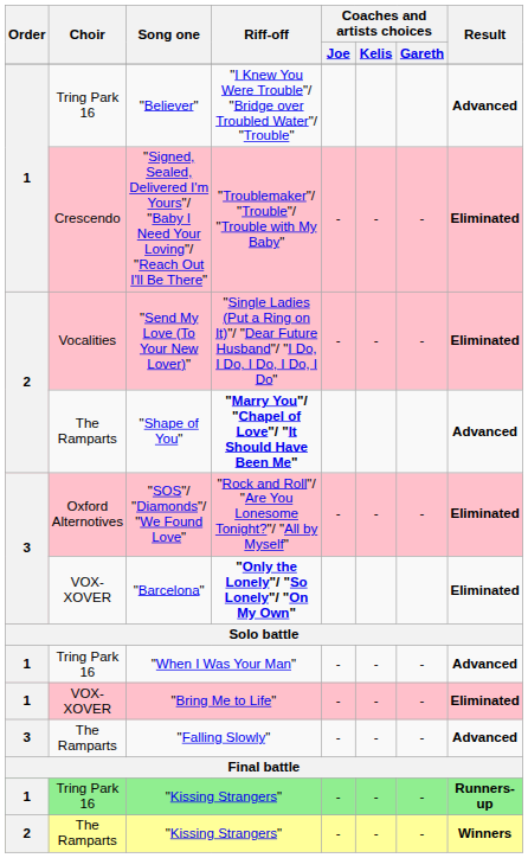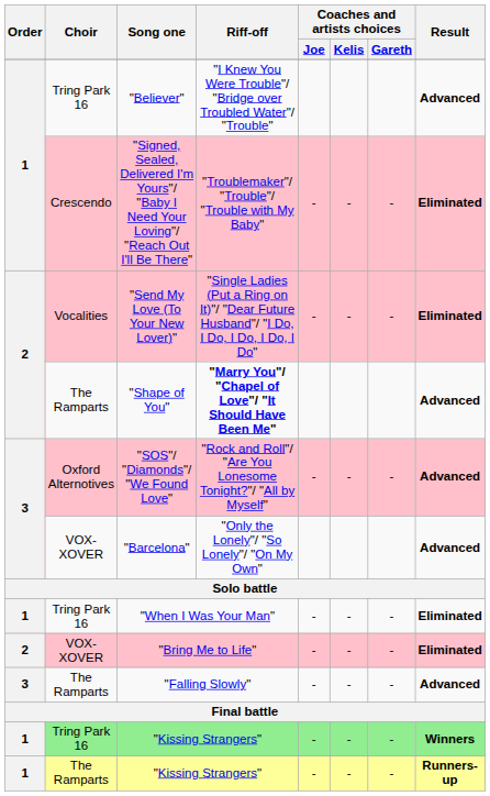 <table class="wikitable plainrowheaders" style="text-align:center;">
 <tr>
 <th scope="col" rowspan="2" style="width:05%;">Order</th>
 <th scope="col" rowspan="2" style="width:13%;">Choir</th>
 <th scope="col" rowspan="2" style="width:20%;">Song one</th>
 <th scope="col" rowspan="2" style="width:26%;">Riff-off</th>
 <th colspan="3" style="width:40%;">Coaches and artists choices</th>
 <th scope="col" rowspan="2" style="width:05%;">Result</th>
 </tr>
 <tr>
 <th style="width:10%;"><a href='#'>Joe</a></th>
 <th style="width:10%;"><a href='#'>Kelis</a></th>
 <th style="width:10%;"><a href='#'>Gareth</a></th>
 </tr>
 <tr>
 </tr>
 <tr>
 <th rowspan="2" scope="row">1</th>
 <td>Tring Park 16</td>
 <td>"<a href='#'>Believer</a>"</td>
 <td>"<a href='#'>I Knew You Were Trouble</a>"/ "<a href='#'>Bridge over Troubled Water</a>"/ "<a href='#'>Trouble</a>"</td>
 <td><strong></strong></td>
 <td><strong></strong></td>
 <td><strong></strong></td>
 <td><strong>Advanced</strong></td>
 </tr>
 <tr style="background:pink;">
 <td>Crescendo</td>
 <td>"<a href='#'>Signed, Sealed, Delivered I'm Yours</a>"/ "<a href='#'>Baby I Need Your Loving</a>"/ "<a href='#'>Reach Out I'll Be There</a>"</td>
 <td>"<a href='#'>Troublemaker</a>"/ "<a href='#'>Trouble</a>"/ "<a href='#'>Trouble with My Baby</a>"</td>
 <td>-</td>
 <td>-</td>
 <td>-</td>
 <td><strong>Eliminated</strong></td>
 </tr>
 <tr style="background:pink;">
 <th rowspan="2" scope="row">2</th>
 <td>Vocalities</td>
 <td>"<a href='#'>Send My Love (To Your New Lover)</a>"</td>
 <td>"<a href='#'>Single Ladies (Put a Ring on It)</a>"/ "<a href='#'>Dear Future Husband</a>"/ "<a href='#'>I Do, I Do, I Do, I Do, I Do</a>"</td>
 <td>-</td>
 <td>-</td>
 <td>-</td>
 <td><strong>Eliminated</strong></td>
 </tr>
 <tr>
 <td>The Ramparts</td>
 <td>"<a href='#'>Shape of You</a>"</td>
 <td><strong>"<a href='#'>Marry You</a>"/ "<a href='#'>Chapel of Love</a>"/ "<a href='#'>It Should Have Been Me</a>"</strong></td>
 <td><strong></strong></td>
 <td><strong></strong></td>
 <td><strong></strong></td>
 <td><strong>Advanced</strong></td>
 </tr>
 <tr style="background:pink;">
 <th rowspan="2" scope="row">3</th>
 <td>Oxford Alternotives</td>
 <td>"<a href='#'>SOS</a>"/ "<a href='#'>Diamonds</a>"/ "<a href='#'>We Found Love</a>"</td>
 <td>"<a href='#'>Rock and Roll</a>"/ "<a href='#'>Are You Lonesome Tonight?</a>"/ "<a href='#'>All by Myself</a>"</td>
 <td>-</td>
 <td>-</td>
 <td>-</td>
-<td><strong>Eliminated</strong></td>
+<td><strong>Advanced</strong></td>
 </tr>
 <tr>
 <td>VOX-XOVER</td>
 <td>"<a href='#'>Barcelona</a>"</td>
-<td><strong>"<a href='#'>Only the Lonely</a>"/ "<a href='#'>So Lonely</a>"/ "<a href='#'>On My Own</a>"</strong></td>
+<td>"<a href='#'>Only the Lonely</a>"/ "<a href='#'>So Lonely</a>"/ "<a href='#'>On My Own</a>"</td>
 <td><strong></strong></td>
 <td><strong></strong></td>
 <td><strong></strong></td>
-<td><strong>Eliminated</strong></td>
+<td><strong>Advanced</strong></td>
 </tr>
 <tr>
 <th colspan="8">Solo battle</th>
 </tr>
 <tr>
 <th scope="row">1</th>
 <td>Tring Park 16</td>
 <td colspan="2">"<a href='#'>When I Was Your Man</a>"</td>
 <td>-</td>
 <td>-</td>
 <td>-</td>
-<td><strong>Advanced</strong></td>
+<td><strong>Eliminated</strong></td>
 </tr>
 <tr style="background:pink;">
-<th scope="row">1</th>
+<th scope="row">2</th>
 <td>VOX-XOVER</td>
 <td colspan="2">"<a href='#'>Bring Me to Life</a>"</td>
 <td>-</td>
 <td>-</td>
 <td>-</td>
 <td><strong>Eliminated</strong></td>
 </tr>
 <tr>
 <th scope="row">3</th>
 <td>The Ramparts</td>
 <td colspan="2">"<a href='#'>Falling Slowly</a>"</td>
 <td>-</td>
 <td>-</td>
 <td>-</td>
 <td><strong>Advanced</strong></td>
 </tr>
 <tr>
 <th colspan="8">Final battle</th>
 </tr>
 <tr style="background:lightgreen;">
 <th scope="row">1</th>
 <td>Tring Park 16</td>
 <td colspan="2">"<a href='#'>Kissing Strangers</a>"</td>
 <td>-</td>
 <td>-</td>
 <td>-</td>
-<td><strong>Runners-up</strong></td>
+<td><strong>Winners</strong></td>
 </tr>
 <tr style="background:#ff9;">
-<th scope="row">2</th>
+<th scope="row">1</th>
 <td>The Ramparts</td>
 <td colspan="2">"<a href='#'>Kissing Strangers</a>"</td>
 <td>-</td>
 <td>-</td>
 <td>-</td>
-<td><strong>Winners</strong></td>
+<td><strong>Runners-up</strong></td>
 </tr>
 </table>
